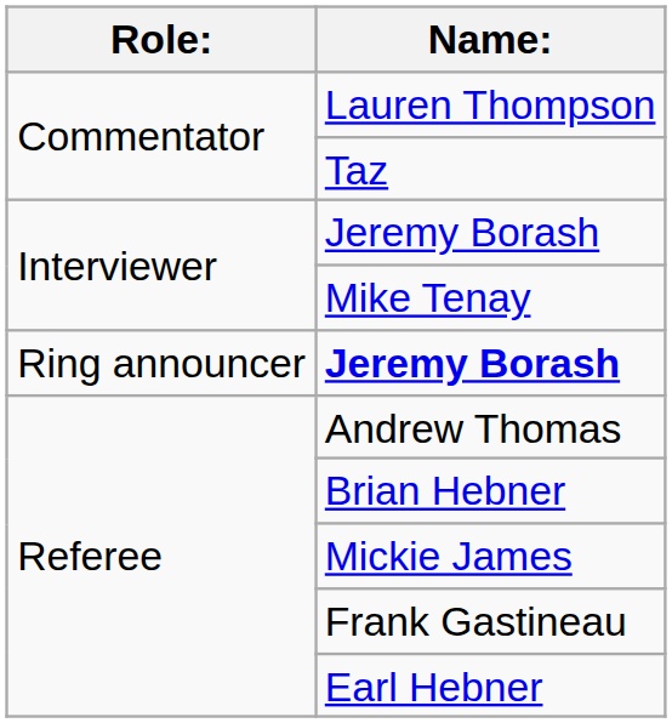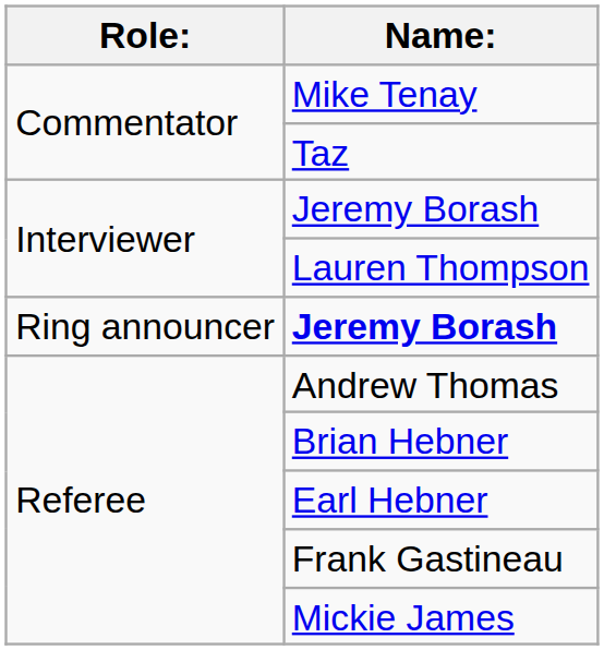 <table class=wikitable style="font-size:90%; margin: 0.5em 0 0.5em 1em; float: right; clear: right;">
 <tr>
 <th>Role:</th>
 <th>Name:</th>
 </tr>
 <tr>
 <td rowspan="2">Commentator</td>
-<td><a href='#'>Lauren Thompson</a></td>
+<td><a href='#'>Mike Tenay</a></td>
 </tr>
 <tr>
 <td><a href='#'>Taz</a></td>
 </tr>
 <tr>
 <td rowspan="2">Interviewer</td>
 <td><a href='#'>Jeremy Borash</a></td>
 </tr>
 <tr>
-<td><a href='#'>Mike Tenay</a></td>
+<td><a href='#'>Lauren Thompson</a></td>
 </tr>
 <tr>
 <td rowspan="1">Ring announcer</td>
 <td><strong><a href='#'>Jeremy Borash</a></strong></td>
 </tr>
 <tr>
 <td rowspan="5">Referee</td>
 <td>Andrew Thomas</td>
 </tr>
 <tr>
 <td><a href='#'>Brian Hebner</a></td>
 </tr>
 <tr>
-<td><a href='#'>Mickie James</a></td>
+<td><a href='#'>Earl Hebner</a></td>
 </tr>
 <tr>
 <td>Frank Gastineau</td>
 </tr>
 <tr>
-<td><a href='#'>Earl Hebner</a></td>
+<td><a href='#'>Mickie James</a></td>
 </tr>
 </table>
